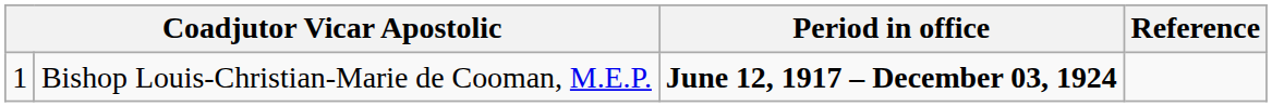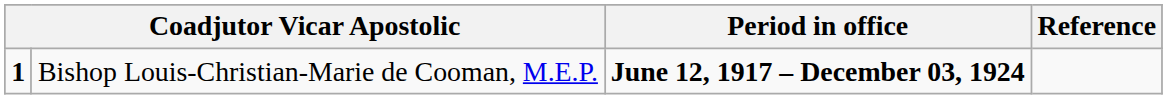 <table class="wikitable">
 <tr>
 <th colspan="2">Coadjutor Vicar Apostolic</th>
 <th>Period in office</th>
 <th>Reference</th>
 </tr>
 <tr>
-<td>1</td>
+<td><strong>1</strong></td>
 <td>Bishop Louis-Christian-Marie de Cooman, <a href='#'>M.E.P.</a></td>
 <td><strong>June 12, 1917 – December 03, 1924</strong></td>
 <td></td>
 </tr>
 </table>
